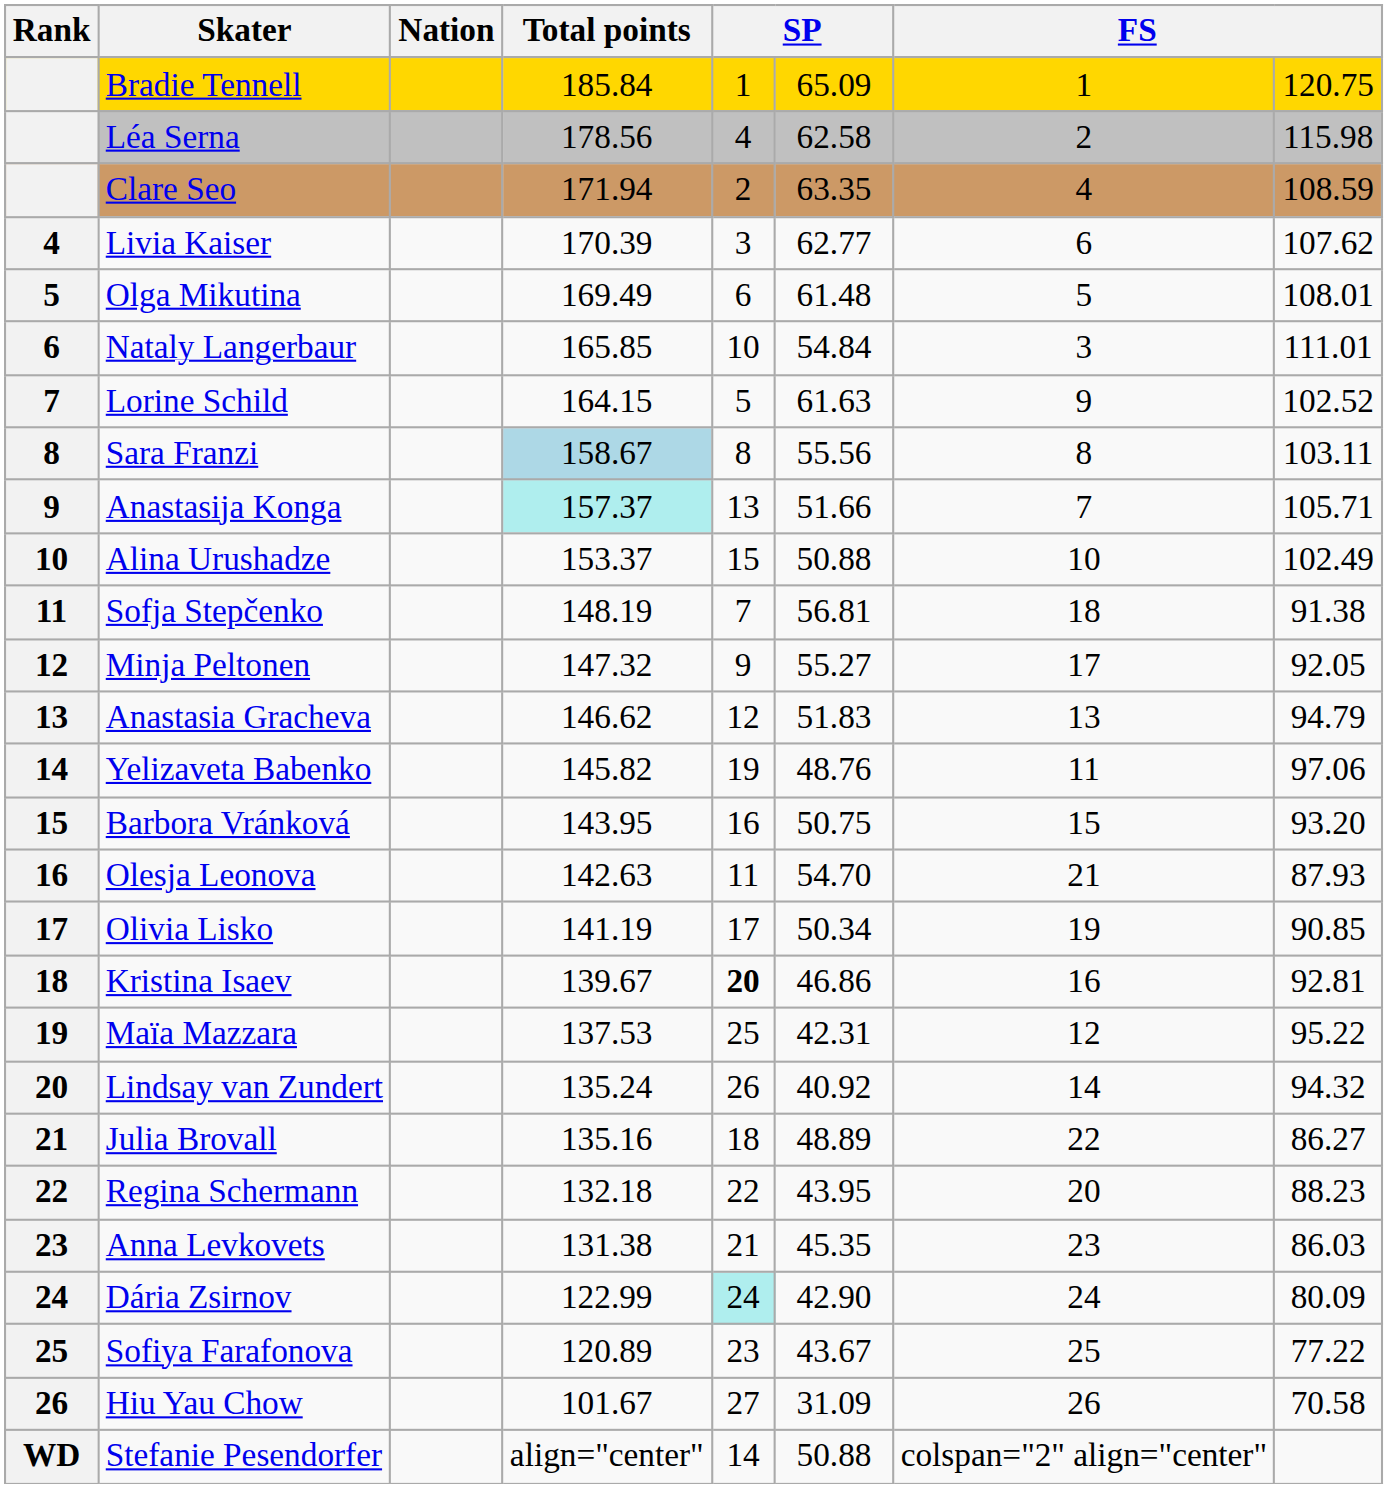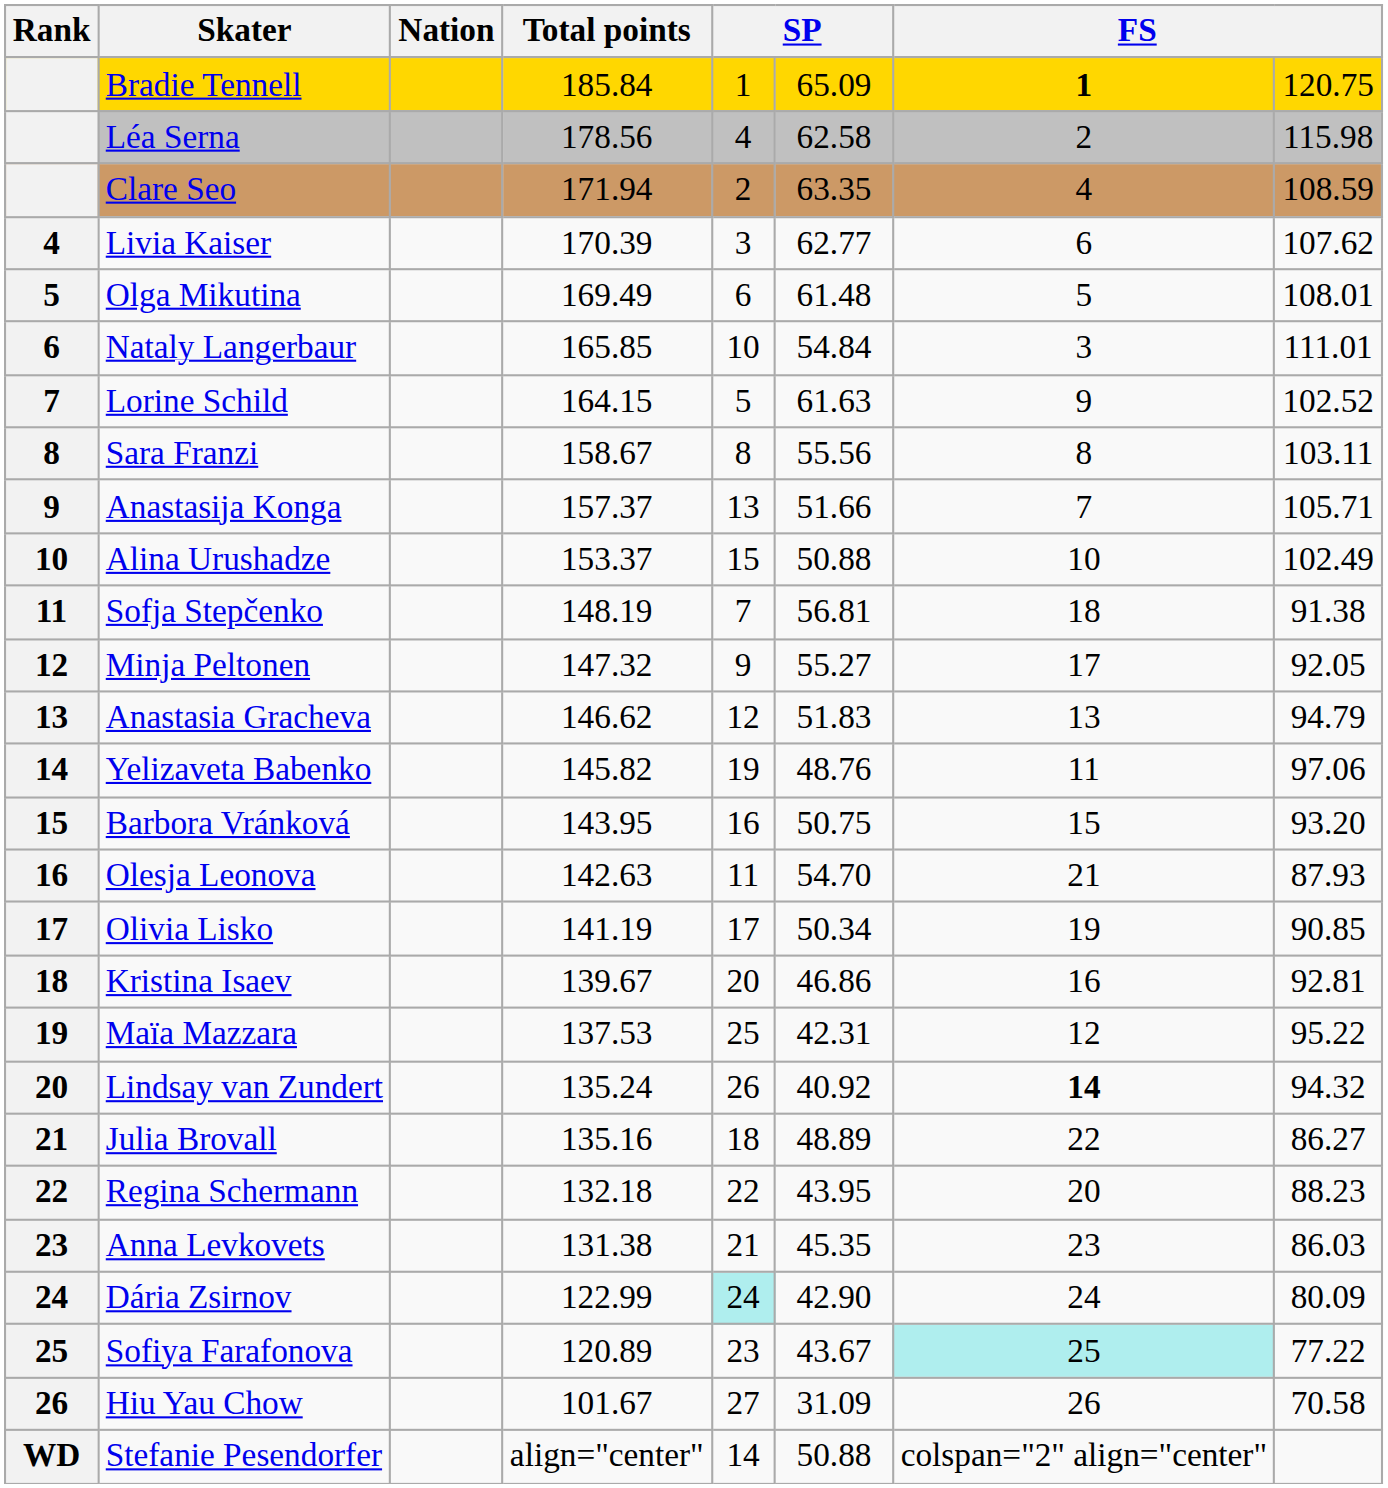 <table class="wikitable sortable" style="text-align:left">
 <tr>
 <th scope="col">Rank</th>
 <th scope="col">Skater</th>
 <th scope="col">Nation</th>
 <th scope="col">Total points</th>
 <th scope="col" colspan="2" width="80px"><a href='#'>SP</a></th>
 <th scope="col" colspan="2" width="80px"><a href='#'>FS</a></th>
 </tr>
 <tr bgcolor="gold">
 <th scope="row"></th>
 <td><a href='#'>Bradie Tennell</a></td>
 <td></td>
 <td align="center">185.84</td>
 <td align="center">1</td>
 <td align="center">65.09</td>
-<td align="center">1</td>
+<td align="center"><strong>1</strong></td>
 <td align="center">120.75</td>
 </tr>
 <tr bgcolor="silver">
 <th scope="row"></th>
 <td><a href='#'>Léa Serna</a></td>
 <td></td>
 <td align="center">178.56</td>
 <td align="center">4</td>
 <td align="center">62.58</td>
 <td align="center">2</td>
 <td align="center">115.98</td>
 </tr>
 <tr bgcolor="cc9966">
 <th scope="row"></th>
 <td><a href='#'>Clare Seo</a></td>
 <td></td>
 <td align="center">171.94</td>
 <td align="center">2</td>
 <td align="center">63.35</td>
 <td align="center">4</td>
 <td align="center">108.59</td>
 </tr>
 <tr>
 <th scope="row">4</th>
 <td><a href='#'>Livia Kaiser</a></td>
 <td></td>
 <td align="center">170.39</td>
 <td align="center">3</td>
 <td align="center">62.77</td>
 <td align="center">6</td>
 <td align="center">107.62</td>
 </tr>
 <tr>
 <th scope="row">5</th>
 <td><a href='#'>Olga Mikutina</a></td>
 <td></td>
 <td align="center">169.49</td>
 <td align="center">6</td>
 <td align="center">61.48</td>
 <td align="center">5</td>
 <td align="center">108.01</td>
 </tr>
 <tr>
 <th scope="row">6</th>
 <td><a href='#'>Nataly Langerbaur</a></td>
 <td></td>
 <td align="center">165.85</td>
 <td align="center">10</td>
 <td align="center">54.84</td>
 <td align="center">3</td>
 <td align="center">111.01</td>
 </tr>
 <tr>
 <th scope="row">7</th>
 <td><a href='#'>Lorine Schild</a></td>
 <td></td>
 <td align="center">164.15</td>
 <td align="center">5</td>
 <td align="center">61.63</td>
 <td align="center">9</td>
 <td align="center">102.52</td>
 </tr>
 <tr>
 <th scope="row">8</th>
 <td><a href='#'>Sara Franzi</a></td>
 <td></td>
-<td align="center" style="background: lightblue;">158.67</td>
+<td align="center">158.67</td>
 <td align="center">8</td>
 <td align="center">55.56</td>
 <td align="center">8</td>
 <td align="center">103.11</td>
 </tr>
 <tr>
 <th scope="row">9</th>
 <td><a href='#'>Anastasija Konga</a></td>
 <td></td>
-<td align="center" style="background: paleturquoise;">157.37</td>
+<td align="center">157.37</td>
 <td align="center">13</td>
 <td align="center">51.66</td>
 <td align="center">7</td>
 <td align="center">105.71</td>
 </tr>
 <tr>
 <th scope="row">10</th>
 <td><a href='#'>Alina Urushadze</a></td>
 <td></td>
 <td align="center">153.37</td>
 <td align="center">15</td>
 <td align="center">50.88</td>
 <td align="center">10</td>
 <td align="center">102.49</td>
 </tr>
 <tr>
 <th scope="row">11</th>
 <td><a href='#'>Sofja Stepčenko</a></td>
 <td></td>
 <td align="center">148.19</td>
 <td align="center">7</td>
 <td align="center">56.81</td>
 <td align="center">18</td>
 <td align="center">91.38</td>
 </tr>
 <tr>
 <th scope="row">12</th>
 <td><a href='#'>Minja Peltonen</a></td>
 <td></td>
 <td align="center">147.32</td>
 <td align="center">9</td>
 <td align="center">55.27</td>
 <td align="center">17</td>
 <td align="center">92.05</td>
 </tr>
 <tr>
 <th scope="row">13</th>
 <td><a href='#'>Anastasia Gracheva</a></td>
 <td></td>
 <td align="center">146.62</td>
 <td align="center">12</td>
 <td align="center">51.83</td>
 <td align="center">13</td>
 <td align="center">94.79</td>
 </tr>
 <tr>
 <th scope="row">14</th>
 <td><a href='#'>Yelizaveta Babenko</a></td>
 <td></td>
 <td align="center">145.82</td>
 <td align="center">19</td>
 <td align="center">48.76</td>
 <td align="center">11</td>
 <td align="center">97.06</td>
 </tr>
 <tr>
 <th scope="row">15</th>
 <td><a href='#'>Barbora Vránková</a></td>
 <td></td>
 <td align="center">143.95</td>
 <td align="center">16</td>
 <td align="center">50.75</td>
 <td align="center">15</td>
 <td align="center">93.20</td>
 </tr>
 <tr>
 <th scope="row">16</th>
 <td><a href='#'>Olesja Leonova</a></td>
 <td></td>
 <td align="center">142.63</td>
 <td align="center">11</td>
 <td align="center">54.70</td>
 <td align="center">21</td>
 <td align="center">87.93</td>
 </tr>
 <tr>
 <th scope="row">17</th>
 <td><a href='#'>Olivia Lisko</a></td>
 <td></td>
 <td align="center">141.19</td>
 <td align="center">17</td>
 <td align="center">50.34</td>
 <td align="center">19</td>
 <td align="center">90.85</td>
 </tr>
 <tr>
 <th scope="row">18</th>
 <td><a href='#'>Kristina Isaev</a></td>
 <td></td>
 <td align="center">139.67</td>
-<td align="center"><strong>20</strong></td>
+<td align="center">20</td>
 <td align="center">46.86</td>
 <td align="center">16</td>
 <td align="center">92.81</td>
 </tr>
 <tr>
 <th scope="row">19</th>
 <td><a href='#'>Maïa Mazzara</a></td>
 <td></td>
 <td align="center">137.53</td>
 <td align="center">25</td>
 <td align="center">42.31</td>
 <td align="center">12</td>
 <td align="center">95.22</td>
 </tr>
 <tr>
 <th scope="row">20</th>
 <td><a href='#'>Lindsay van Zundert</a></td>
 <td></td>
 <td align="center">135.24</td>
 <td align="center">26</td>
 <td align="center">40.92</td>
-<td align="center">14</td>
+<td align="center"><strong>14</strong></td>
 <td align="center">94.32</td>
 </tr>
 <tr>
 <th scope="row">21</th>
 <td><a href='#'>Julia Brovall</a></td>
 <td></td>
 <td align="center">135.16</td>
 <td align="center">18</td>
 <td align="center">48.89</td>
 <td align="center">22</td>
 <td align="center">86.27</td>
 </tr>
 <tr>
 <th scope="row">22</th>
 <td><a href='#'>Regina Schermann</a></td>
 <td></td>
 <td align="center">132.18</td>
 <td align="center">22</td>
 <td align="center">43.95</td>
 <td align="center">20</td>
 <td align="center">88.23</td>
 </tr>
 <tr>
 <th scope="row">23</th>
 <td><a href='#'>Anna Levkovets</a></td>
 <td></td>
 <td align="center">131.38</td>
 <td align="center">21</td>
 <td align="center">45.35</td>
 <td align="center">23</td>
 <td align="center">86.03</td>
 </tr>
 <tr>
 <th scope="row">24</th>
 <td><a href='#'>Dária Zsirnov</a></td>
 <td></td>
 <td align="center">122.99</td>
 <td align="center" style="background: paleturquoise;">24</td>
 <td align="center">42.90</td>
 <td align="center">24</td>
 <td align="center">80.09</td>
 </tr>
 <tr>
 <th scope="row">25</th>
 <td><a href='#'>Sofiya Farafonova</a></td>
 <td></td>
 <td align="center">120.89</td>
 <td align="center">23</td>
 <td align="center">43.67</td>
-<td align="center">25</td>
+<td align="center" style="background: paleturquoise;">25</td>
 <td align="center">77.22</td>
 </tr>
 <tr>
 <th scope="row">26</th>
 <td><a href='#'>Hiu Yau Chow</a></td>
 <td></td>
 <td align="center">101.67</td>
 <td align="center">27</td>
 <td align="center">31.09</td>
 <td align="center">26</td>
 <td align="center">70.58</td>
 </tr>
 <tr>
 <th scope="row">WD</th>
 <td><a href='#'>Stefanie Pesendorfer</a></td>
 <td></td>
 <td>align="center" </td>
 <td align="center">14</td>
 <td align="center">50.88</td>
 <td>colspan="2" align="center" </td>
 </tr>
 </table>
